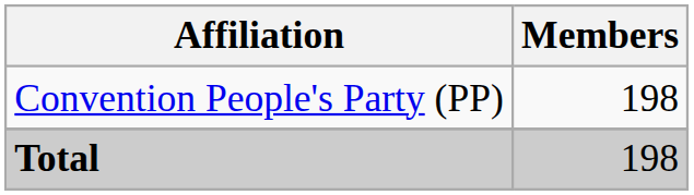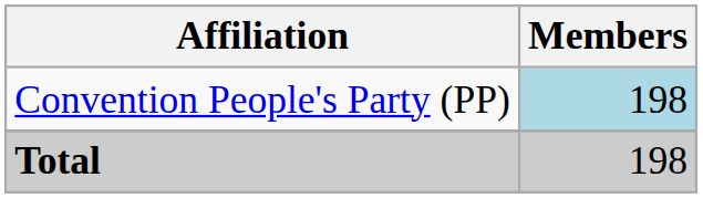 <table class="wikitable">
 <tr>
 <th>Affiliation</th>
 <th>Members</th>
 </tr>
 <tr>
 <td><a href='#'>Convention People's Party</a> (PP)</td>
-<td align="right">198</td>
+<td align="right" style="background: lightblue;">198</td>
 </tr>
 <tr>
 </tr>
 <tr bgcolor="CCCCCC">
 <td><strong>Total</strong></td>
 <td align="right">198</td>
 </tr>
 </table>
